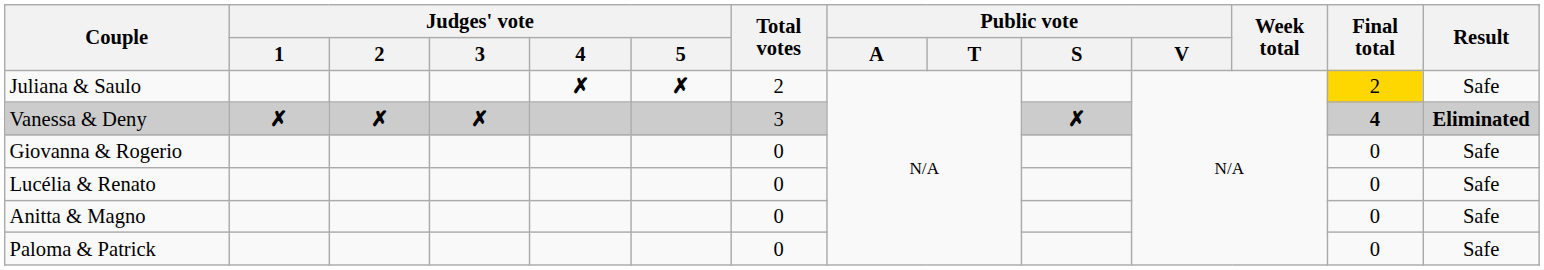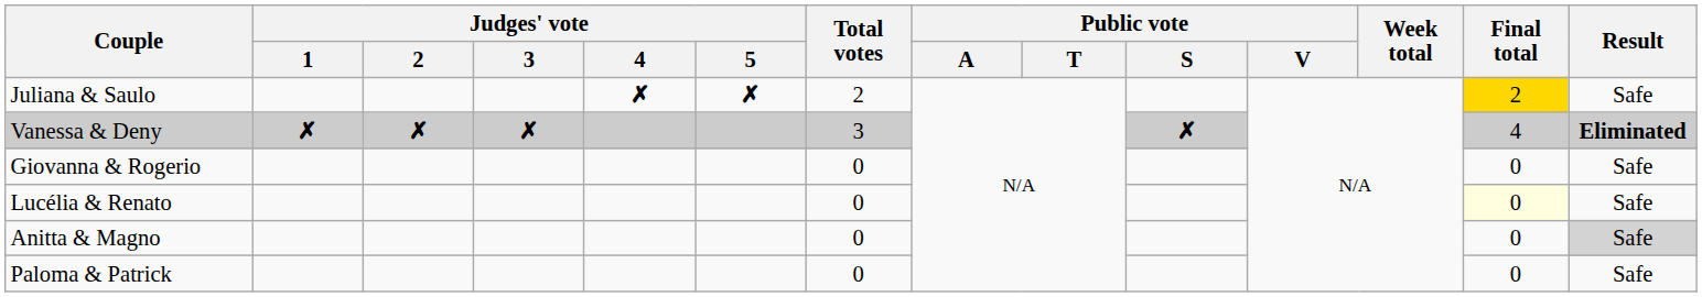 <table class="wikitable" style="font-size:90%; line-height:16px; text-align:center" width="85%">
 <tr>
 <th rowspan=2 width=150>Couple</th>
 <th colspan=5 width=185>Judges' vote</th>
 <th rowspan=2 width=060>Total votes</th>
 <th colspan=4 width=148>Public vote</th>
 <th rowspan=2 width=060>Week total</th>
 <th rowspan=2 width=060>Final total</th>
 <th rowspan=2 width=075>Result</th>
 </tr>
 <tr>
 <th>1</th>
 <th>2</th>
 <th>3</th>
 <th>4</th>
 <th>5</th>
 <th>A</th>
 <th>T</th>
 <th>S</th>
 <th>V</th>
 </tr>
 <tr>
 <td align="left">Juliana & Saulo</td>
 <td></td>
 <td></td>
 <td></td>
 <td><strong>✗</strong></td>
 <td><strong>✗</strong></td>
 <td>2</td>
 <td rowspan=6 colspan=2><small>N/A</small></td>
 <td></td>
 <td rowspan=6 colspan=2><small>N/A</small></td>
 <td style="background: gold;">2</td>
 <td>Safe</td>
 </tr>
 <tr bgcolor="CCCCCC">
 <td align="left">Vanessa & Deny</td>
 <td><strong>✗</strong></td>
 <td><strong>✗</strong></td>
 <td><strong>✗</strong></td>
 <td></td>
 <td></td>
 <td>3</td>
 <td><strong>✗</strong></td>
-<td><strong>4</strong></td>
+<td>4</td>
 <td><strong>Eliminated</strong></td>
 </tr>
 <tr>
 <td align="left">Giovanna & Rogerio</td>
 <td></td>
 <td></td>
 <td></td>
 <td></td>
 <td></td>
 <td>0</td>
 <td></td>
 <td>0</td>
 <td>Safe</td>
 </tr>
 <tr>
 <td align="left">Lucélia & Renato</td>
 <td></td>
 <td></td>
 <td></td>
 <td></td>
 <td></td>
 <td>0</td>
 <td></td>
-<td>0</td>
+<td style="background: lightyellow;">0</td>
 <td>Safe</td>
 </tr>
 <tr>
 <td align="left">Anitta & Magno</td>
 <td></td>
 <td></td>
 <td></td>
 <td></td>
 <td></td>
 <td>0</td>
 <td></td>
 <td>0</td>
-<td>Safe</td>
+<td style="background: lightgrey;">Safe</td>
 </tr>
 <tr>
 <td align="left">Paloma & Patrick</td>
 <td></td>
 <td></td>
 <td></td>
 <td></td>
 <td></td>
 <td>0</td>
 <td></td>
 <td>0</td>
 <td>Safe</td>
 </tr>
 </table>
